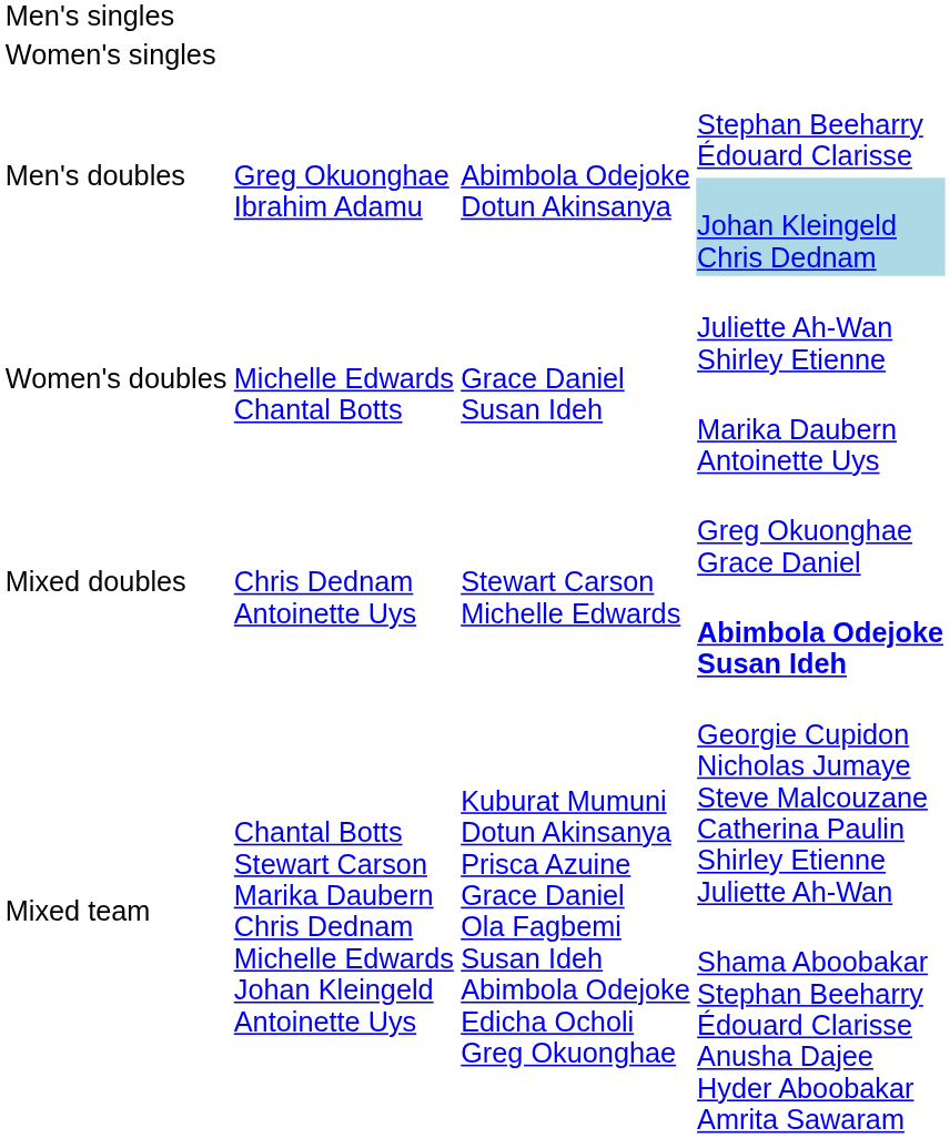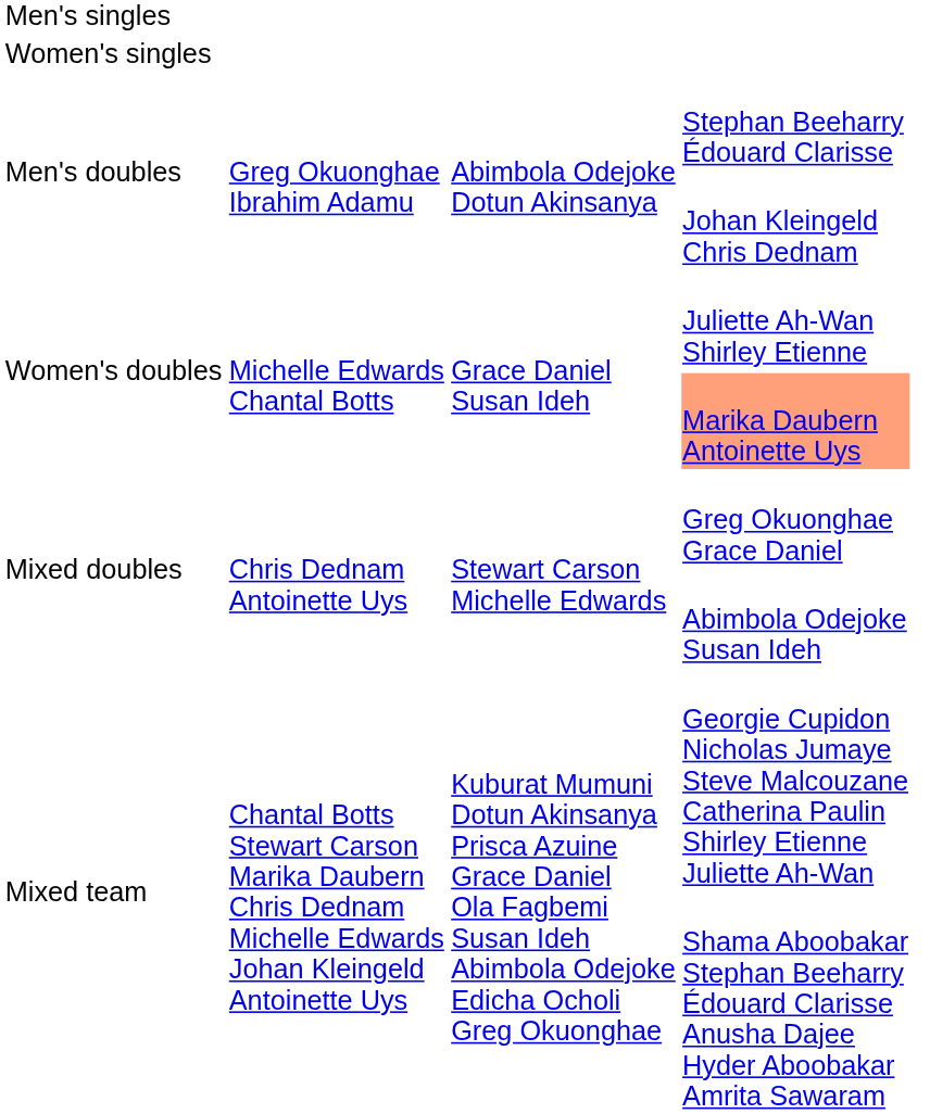 <table>
 <tr>
 <td rowspan=2>Men's singles<br></td>
 <td rowspan=2></td>
 <td rowspan=2></td>
 <td></td>
 </tr>
 <tr>
 <td></td>
 </tr>
 <tr>
 <td rowspan=2>Women's singles<br></td>
 <td rowspan=2></td>
 <td rowspan=2></td>
 <td></td>
 </tr>
 <tr>
 <td></td>
 </tr>
 <tr>
 <td rowspan=2>Men's doubles<br></td>
 <td rowspan=2><br><a href='#'>Greg Okuonghae</a><br><a href='#'>Ibrahim Adamu</a></td>
 <td rowspan=2><br><a href='#'>Abimbola Odejoke</a><br><a href='#'>Dotun Akinsanya</a></td>
 <td><br><a href='#'>Stephan Beeharry</a><br><a href='#'>Édouard Clarisse</a></td>
 </tr>
 <tr>
-<td style="background: lightblue;"><br><a href='#'>Johan Kleingeld</a><br><a href='#'>Chris Dednam</a></td>
+<td><br><a href='#'>Johan Kleingeld</a><br><a href='#'>Chris Dednam</a></td>
 </tr>
 <tr>
 <td rowspan=2>Women's doubles<br></td>
 <td rowspan=2><br><a href='#'>Michelle Edwards</a><br><a href='#'>Chantal Botts</a></td>
 <td rowspan=2><br><a href='#'>Grace Daniel</a><br><a href='#'>Susan Ideh</a></td>
 <td><br><a href='#'>Juliette Ah-Wan</a><br><a href='#'>Shirley Etienne</a></td>
 </tr>
 <tr>
-<td><br><a href='#'>Marika Daubern</a><br><a href='#'>Antoinette Uys</a></td>
+<td style="background: lightsalmon;"><br><a href='#'>Marika Daubern</a><br><a href='#'>Antoinette Uys</a></td>
 </tr>
 <tr>
 <td rowspan=2>Mixed doubles<br></td>
 <td rowspan=2><br><a href='#'>Chris Dednam</a><br><a href='#'>Antoinette Uys</a></td>
 <td rowspan=2><br><a href='#'>Stewart Carson</a><br><a href='#'>Michelle Edwards</a></td>
 <td><br><a href='#'>Greg Okuonghae</a><br><a href='#'>Grace Daniel</a></td>
 </tr>
 <tr>
-<td><strong><br><a href='#'>Abimbola Odejoke</a><br><a href='#'>Susan Ideh</a></strong></td>
+<td><br><a href='#'>Abimbola Odejoke</a><br><a href='#'>Susan Ideh</a></td>
 </tr>
 <tr>
 <td rowspan=2>Mixed team<br></td>
 <td rowspan=2><br><a href='#'>Chantal Botts</a><br><a href='#'>Stewart Carson</a><br><a href='#'>Marika Daubern</a><br><a href='#'>Chris Dednam</a><br><a href='#'>Michelle Edwards</a><br><a href='#'>Johan Kleingeld</a><br><a href='#'>Antoinette Uys</a></td>
 <td rowspan=2><br><a href='#'>Kuburat Mumuni</a><br><a href='#'>Dotun Akinsanya</a><br><a href='#'>Prisca Azuine</a><br><a href='#'>Grace Daniel</a><br><a href='#'>Ola Fagbemi</a><br><a href='#'>Susan Ideh</a><br><a href='#'>Abimbola Odejoke</a><br><a href='#'>Edicha Ocholi</a><br><a href='#'>Greg Okuonghae</a></td>
 <td><br><a href='#'>Georgie Cupidon</a><br><a href='#'>Nicholas Jumaye</a><br><a href='#'>Steve Malcouzane</a><br><a href='#'>Catherina Paulin</a><br><a href='#'>Shirley Etienne</a><br><a href='#'>Juliette Ah-Wan</a></td>
 </tr>
 <tr>
 <td><br><a href='#'>Shama Aboobakar</a><br><a href='#'>Stephan Beeharry</a><br><a href='#'>Édouard Clarisse</a><br><a href='#'>Anusha Dajee</a><br><a href='#'>Hyder Aboobakar</a><br><a href='#'>Amrita Sawaram</a></td>
 </tr>
 </table>
